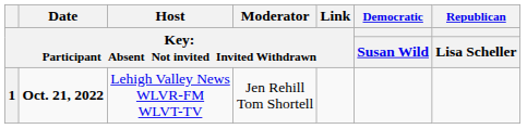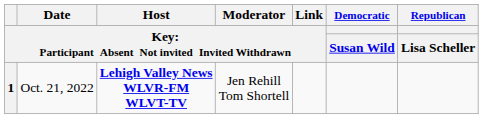 <table class="wikitable" style="text-align:center;">
 <tr>
 <th scope="col"></th>
 <th scope="col">Date</th>
 <th scope="col">Host</th>
 <th scope="col">Moderator</th>
 <th scope="col">Link</th>
 <th scope="col"><small><a href='#'>Democratic</a></small></th>
 <th scope="col"><small><a href='#'>Republican</a></small></th>
 </tr>
 <tr>
 <th colspan="5" rowspan="2">Key:<br> <small>Participant </small>  <small>Absent </small>  <small>Not invited </small>  <small>Invited  Withdrawn</small></th>
 <th scope="col" style="background:"></th>
 <th scope="col" style="background:"></th>
 </tr>
 <tr>
 <th scope="col"><a href='#'>Susan Wild</a></th>
 <th scope="col">Lisa Scheller</th>
 </tr>
 <tr>
 <th>1</th>
-<td style="white-space:nowrap;"><strong>Oct. 21, 2022</strong></td>
-<td style="white-space:nowrap;"><a href='#'>Lehigh Valley News</a><br><a href='#'>WLVR-FM</a><br><a href='#'>WLVT-TV</a></td>
+<td style="white-space:nowrap;">Oct. 21, 2022</td>
+<td style="white-space:nowrap;"><strong><a href='#'>Lehigh Valley News</a><br><a href='#'>WLVR-FM</a><br><a href='#'>WLVT-TV</a></strong></td>
 <td style="white-space:nowrap;">Jen Rehill<br>Tom Shortell</td>
 <td style="white-space:nowrap;"></td>
 <td></td>
 <td></td>
 </tr>
 </table>
